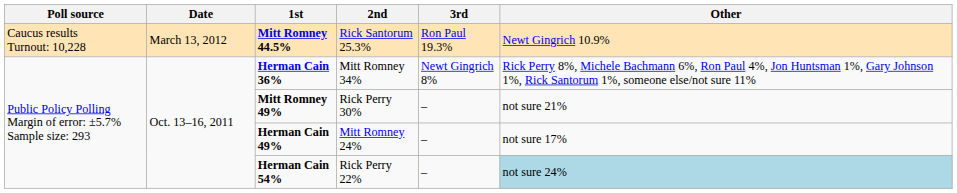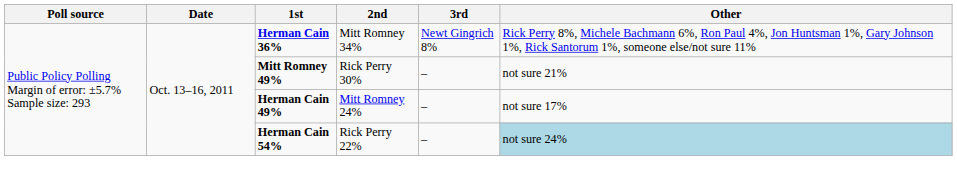 <table class="wikitable">
 <tr>
 <th style="width:180px;">Poll source</th>
 <th style="width:135px;">Date</th>
 <th style="width:100px;">1st</th>
 <th style="width:100px;">2nd</th>
 <th style="width:100px;">3rd</th>
 <th>Other</th>
-</tr>
-<tr style="background:Moccasin;">
-<td>Caucus results<br>Turnout: 10,228</td>
-<td>March 13, 2012</td>
-<td><strong><a href='#'>Mitt Romney</a> 44.5% </strong></td>
-<td><a href='#'>Rick Santorum</a><br>25.3%</td>
-<td><a href='#'>Ron Paul</a><br>19.3%</td>
-<td><a href='#'>Newt Gingrich</a> 10.9%</td>
 </tr>
 <tr>
 <td rowspan=4><a href='#'>Public Policy Polling</a><br>Margin of error: ±5.7% <br>Sample size: 293</td>
 <td rowspan=4>Oct. 13–16, 2011</td>
 <td><strong><a href='#'>Herman Cain</a><br>36%</strong></td>
 <td>Mitt Romney<br>34%</td>
 <td><a href='#'>Newt Gingrich</a><br>8%</td>
 <td><a href='#'>Rick Perry</a> 8%, <a href='#'>Michele Bachmann</a> 6%, <a href='#'>Ron Paul</a> 4%, <a href='#'>Jon Huntsman</a> 1%, <a href='#'>Gary Johnson</a> 1%, <a href='#'>Rick Santorum</a> 1%, someone else/not sure 11%</td>
 </tr>
 <tr>
 <td><strong>Mitt Romney<br>49%</strong></td>
 <td>Rick Perry<br>30%</td>
 <td>–</td>
 <td>not sure 21%</td>
 </tr>
 <tr>
 <td><strong>Herman Cain<br>49%</strong></td>
 <td><a href='#'>Mitt Romney</a><br>24%</td>
 <td>–</td>
 <td>not sure 17%</td>
 </tr>
 <tr>
 <td><strong>Herman Cain<br>54%</strong></td>
 <td>Rick Perry<br>22%</td>
 <td>–</td>
 <td style="background: lightblue;">not sure 24%</td>
 </tr>
 </table>
